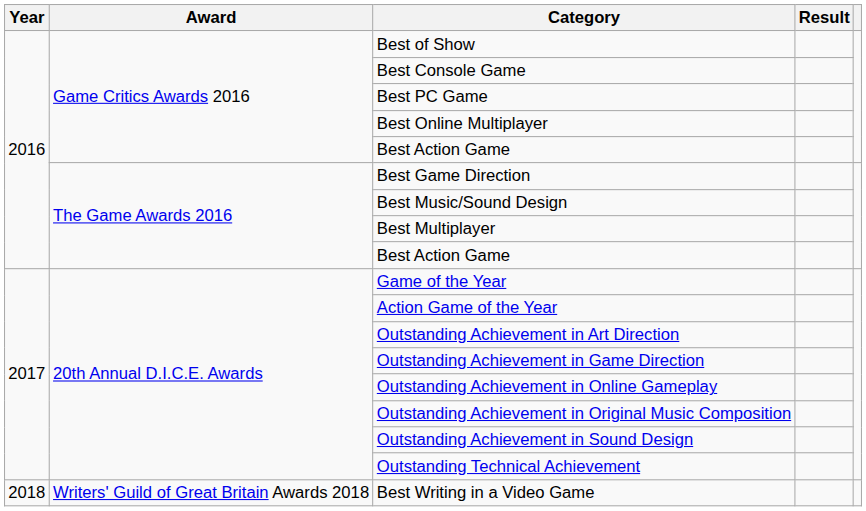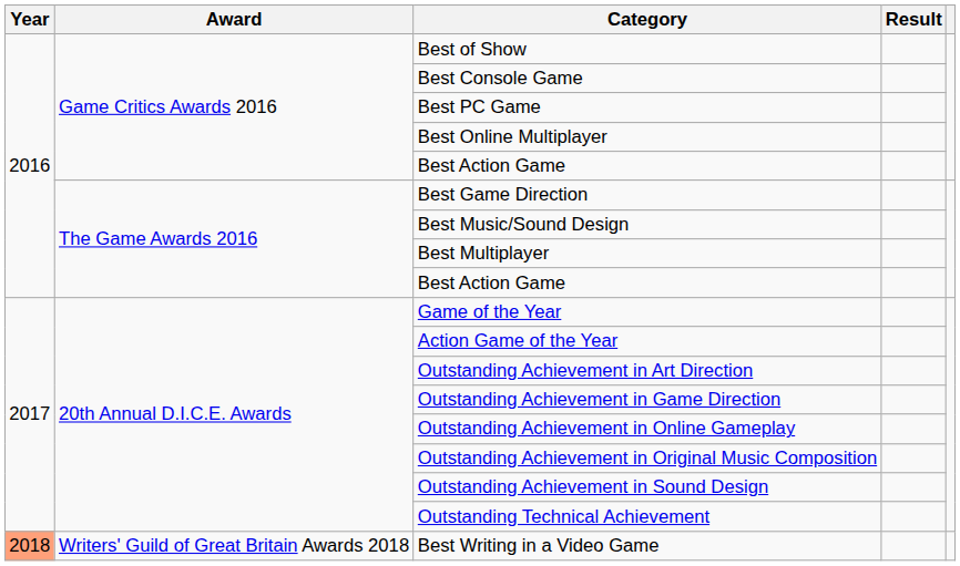 <table class="wikitable sortable">
 <tr>
 <th>Year</th>
 <th>Award</th>
 <th>Category</th>
 <th>Result</th>
 <th></th>
 </tr>
 <tr>
 <td rowspan="9" style="text-align:center;">2016</td>
 <td rowspan="5"><a href='#'>Game Critics Awards</a> 2016</td>
 <td>Best of Show</td>
 <td></td>
 <td rowspan="5" style="text-align:center;"></td>
 </tr>
 <tr>
 <td>Best Console Game</td>
 <td></td>
 </tr>
 <tr>
 <td>Best PC Game</td>
 <td></td>
 </tr>
 <tr>
 <td>Best Online Multiplayer</td>
 <td></td>
 </tr>
 <tr>
 <td>Best Action Game</td>
 <td></td>
 </tr>
 <tr>
 <td rowspan="4"><a href='#'>The Game Awards 2016</a></td>
 <td>Best Game Direction</td>
 <td></td>
 <td rowspan="4" style="text-align:center;"></td>
 </tr>
 <tr>
 <td>Best Music/Sound Design</td>
 <td></td>
 </tr>
 <tr>
 <td>Best Multiplayer</td>
 <td></td>
 </tr>
 <tr>
 <td>Best Action Game</td>
 <td></td>
 </tr>
 <tr>
 <td rowspan="8" style="text-align:center;">2017</td>
 <td rowspan="8"><a href='#'>20th Annual D.I.C.E. Awards</a></td>
 <td><a href='#'>Game of the Year</a></td>
 <td></td>
 <td rowspan="8" style="text-align:center;"></td>
 </tr>
 <tr>
 <td><a href='#'>Action Game of the Year</a></td>
 <td></td>
 </tr>
 <tr>
 <td><a href='#'>Outstanding Achievement in Art Direction</a></td>
 <td></td>
 </tr>
 <tr>
 <td><a href='#'>Outstanding Achievement in Game Direction</a></td>
 <td></td>
 </tr>
 <tr>
 <td><a href='#'>Outstanding Achievement in Online Gameplay</a></td>
 <td></td>
 </tr>
 <tr>
 <td><a href='#'>Outstanding Achievement in Original Music Composition</a></td>
 <td></td>
 </tr>
 <tr>
 <td><a href='#'>Outstanding Achievement in Sound Design</a></td>
 <td></td>
 </tr>
 <tr>
 <td><a href='#'>Outstanding Technical Achievement</a></td>
 <td></td>
 </tr>
 <tr>
-<td rowspan="1" style="text-align:center;">2018</td>
+<td rowspan="1" style="background: lightsalmon; text-align:center;">2018</td>
 <td><a href='#'>Writers' Guild of Great Britain</a> Awards 2018</td>
 <td>Best Writing in a Video Game</td>
 <td></td>
 <td rowspan="1" style="text-align:center;"></td>
 </tr>
 </table>
